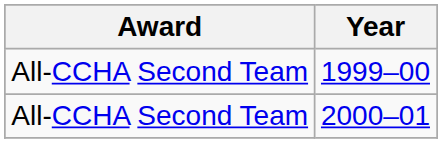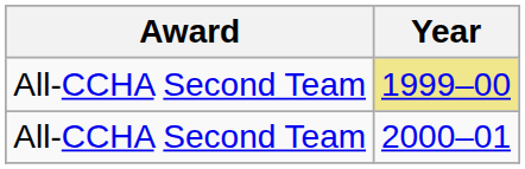 <table class="wikitable">
 <tr>
 <th>Award</th>
 <th>Year</th>
 </tr>
 <tr>
 <td>All-<a href='#'>CCHA</a> <a href='#'>Second Team</a></td>
-<td><a href='#'>1999–00</a></td>
+<td style="background: khaki;"><a href='#'>1999–00</a></td>
 </tr>
 <tr>
 <td>All-<a href='#'>CCHA</a> <a href='#'>Second Team</a></td>
 <td><a href='#'>2000–01</a></td>
 </tr>
 </table>
